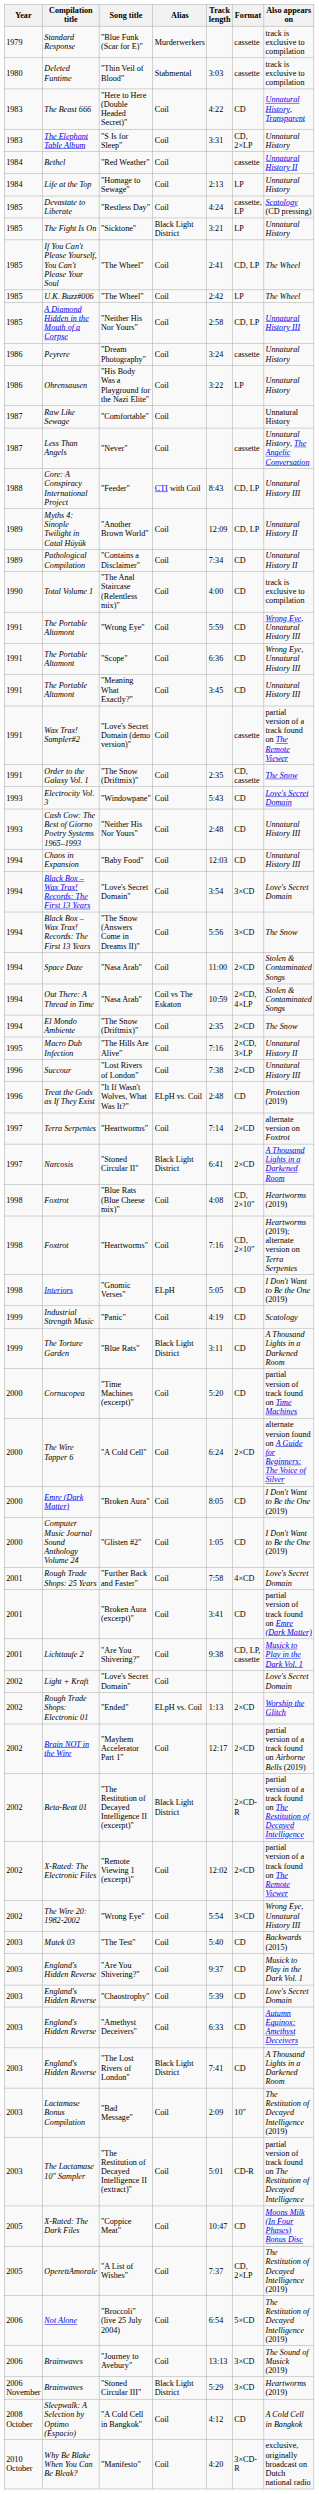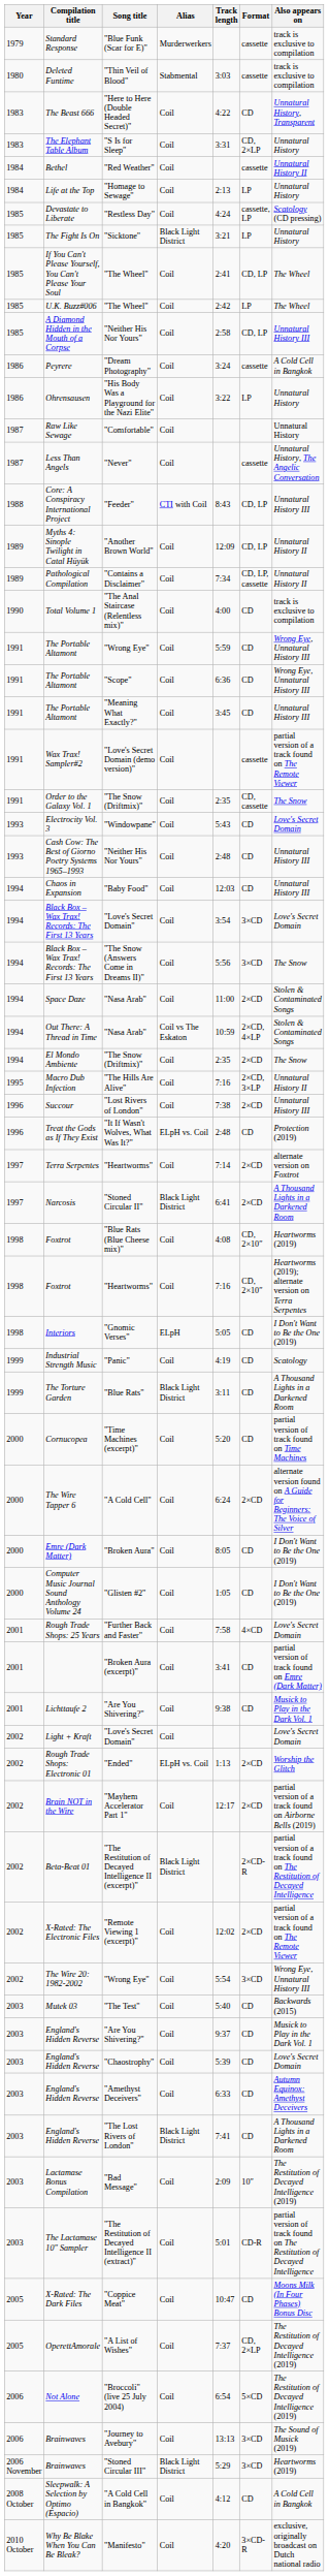 <table class="wikitable">
 <tr>
 <th>Year</th>
 <th>Compilation title</th>
 <th>Song title</th>
 <th>Alias</th>
 <th>Track length</th>
 <th>Format</th>
 <th>Also appears on</th>
 </tr>
 <tr>
 <td>1979</td>
 <td><em>Standard Response</em></td>
 <td>"Blue Funk (Scar for E)"</td>
 <td>Murderwerkers</td>
 <td></td>
 <td>cassette</td>
 <td>track is exclusive to compilation</td>
 </tr>
 <tr>
 <td>1980</td>
 <td><em>Deleted Funtime</em></td>
 <td>"Thin Veil of Blood"</td>
 <td>Stabmental</td>
 <td>3:03</td>
 <td>cassette</td>
 <td>track is exclusive to compilation</td>
 </tr>
 <tr>
 <td>1983</td>
 <td><em>The Beast 666</em></td>
 <td>"Here to Here (Double Headed Secret)"</td>
 <td>Coil</td>
 <td>4:22</td>
 <td>CD</td>
 <td><em><a href='#'>Unnatural History</a></em>, <em><a href='#'>Transparent</a></em></td>
 </tr>
 <tr>
 <td>1983</td>
 <td><em><a href='#'>The Elephant Table Album</a></em></td>
 <td>"S Is for Sleep"</td>
 <td>Coil</td>
 <td>3:31</td>
 <td>CD, 2×LP</td>
 <td><em>Unnatural History</em></td>
 </tr>
 <tr>
 <td>1984</td>
 <td><em>Bethel</em></td>
 <td>"Red Weather"</td>
 <td>Coil</td>
 <td></td>
 <td>cassette</td>
 <td><em><a href='#'>Unnatural History II</a></em></td>
 </tr>
 <tr>
 <td>1984</td>
 <td><em>Life at the Top</em></td>
 <td>"Homage to Sewage"</td>
 <td>Coil</td>
 <td>2:13</td>
 <td>LP</td>
 <td><em>Unnatural History</em></td>
 </tr>
 <tr>
 <td>1985</td>
 <td><em>Devastate to Liberate</em></td>
 <td>"Restless Day"</td>
 <td>Coil</td>
 <td>4:24</td>
 <td>cassette, LP</td>
 <td><em><a href='#'>Scatology</a></em> (CD pressing)</td>
 </tr>
 <tr>
 <td>1985</td>
 <td><em>The Fight Is On</em></td>
 <td>"Sicktone"</td>
 <td>Black Light District</td>
 <td>3:21</td>
 <td>LP</td>
 <td><em>Unnatural History</em></td>
 </tr>
 <tr>
 <td>1985</td>
 <td><em>If You Can't Please Yourself, You Can't Please Your Soul</em></td>
 <td>"The Wheel"</td>
 <td>Coil</td>
 <td>2:41</td>
 <td>CD, LP</td>
 <td><em>The Wheel</em></td>
 </tr>
 <tr>
 <td>1985</td>
 <td><em>U.K. Buzz#006</em></td>
 <td>"The Wheel"</td>
 <td>Coil</td>
 <td>2:42</td>
 <td>LP</td>
 <td><em>The Wheel</em></td>
 </tr>
 <tr>
 <td>1985</td>
 <td><em><a href='#'>A Diamond Hidden in the Mouth of a Corpse</a></em></td>
 <td>"Neither His Nor Yours"</td>
 <td>Coil</td>
 <td>2:58</td>
 <td>CD, LP</td>
 <td><em><a href='#'>Unnatural History III</a></em></td>
 </tr>
 <tr>
 <td>1986</td>
 <td><em>Peyrere</em></td>
 <td>"Dream Photography"</td>
 <td>Coil</td>
 <td>3:24</td>
 <td>cassette</td>
-<td><em>Unnatural History</em></td>
+<td><em>A Cold Cell in Bangkok</em></td>
 </tr>
 <tr>
 <td>1986</td>
 <td><em>Ohrensausen</em></td>
 <td>"His Body Was a Playground for the Nazi Elite"</td>
 <td>Coil</td>
 <td>3:22</td>
 <td>LP</td>
 <td><em>Unnatural History</em></td>
 </tr>
 <tr>
 <td>1987</td>
 <td><em>Raw Like Sewage</em></td>
 <td>"Comfortable"</td>
 <td>Coil</td>
 <td></td>
 <td></td>
 <td>Unnatural History</td>
 </tr>
 <tr>
 <td>1987</td>
 <td><em>Less Than Angels</em></td>
 <td>"Never"</td>
 <td>Coil</td>
 <td></td>
 <td>cassette</td>
 <td><em>Unnatural History</em>, <em><a href='#'>The Angelic Conversation</a></em></td>
 </tr>
 <tr>
 <td>1988</td>
 <td><em>Core: A Conspiracy International Project</em></td>
 <td>"Feeder"</td>
 <td><a href='#'>CTI</a> with Coil</td>
 <td>8:43</td>
 <td>CD, LP</td>
 <td><em>Unnatural History III</em></td>
 </tr>
 <tr>
 <td>1989</td>
 <td><em>Myths 4: Sinople Twilight in Catal Hüyük</em></td>
 <td>"Another Brown World"</td>
 <td>Coil</td>
 <td>12:09</td>
 <td>CD, LP</td>
 <td><em>Unnatural History II</em></td>
 </tr>
 <tr>
 <td>1989</td>
 <td><em>Pathological Compilation</em></td>
 <td>"Contains a Disclaimer"</td>
 <td>Coil</td>
 <td>7:34</td>
-<td>CD</td>
+<td>CD, LP, cassette</td>
 <td><em>Unnatural History II</em></td>
 </tr>
 <tr>
 <td>1990</td>
 <td><em>Total Volume 1</em></td>
 <td>"The Anal Staircase (Relentless mix)"</td>
 <td>Coil</td>
 <td>4:00</td>
 <td>CD</td>
 <td>track is exclusive to compilation</td>
 </tr>
 <tr>
 <td>1991</td>
 <td><em>The Portable Altamont</em></td>
 <td>"Wrong Eye"</td>
 <td>Coil</td>
 <td>5:59</td>
 <td>CD</td>
 <td><em><a href='#'>Wrong Eye</a></em>, <em>Unnatural History III</em></td>
 </tr>
 <tr>
 <td>1991</td>
 <td><em>The Portable Altamont</em></td>
 <td>"Scope"</td>
 <td>Coil</td>
 <td>6:36</td>
 <td>CD</td>
 <td><em>Wrong Eye</em>, <em>Unnatural History III</em></td>
 </tr>
 <tr>
 <td>1991</td>
 <td><em>The Portable Altamont</em></td>
 <td>"Meaning What Exactly?"</td>
 <td>Coil</td>
 <td>3:45</td>
 <td>CD</td>
 <td><em>Unnatural History III</em></td>
 </tr>
 <tr>
 <td>1991</td>
 <td><em>Wax Trax! Sampler#2</em></td>
 <td>"Love's Secret Domain (demo version)"</td>
 <td>Coil</td>
 <td></td>
 <td>cassette</td>
 <td>partial version of a track found on <em><a href='#'>The Remote Viewer</a></em></td>
 </tr>
 <tr>
 <td>1991</td>
 <td><em>Order to the Galaxy Vol. 1</em></td>
 <td>"The Snow (Driftmix)"</td>
 <td>Coil</td>
 <td>2:35</td>
 <td>CD, cassette</td>
 <td><em><a href='#'>The Snow</a></em></td>
 </tr>
 <tr>
 <td>1993</td>
 <td><em>Electrocity Vol. 3</em></td>
 <td>"Windowpane"</td>
 <td>Coil</td>
 <td>5:43</td>
 <td>CD</td>
 <td><em><a href='#'>Love's Secret Domain</a></em></td>
 </tr>
 <tr>
 <td>1993</td>
 <td><em>Cash Cow: The Best of Giorno Poetry Systems 1965–1993</em></td>
 <td>"Neither His Nor Yours"</td>
 <td>Coil</td>
 <td>2:48</td>
 <td>CD</td>
 <td><em>Unnatural History III</em></td>
 </tr>
 <tr>
 <td>1994</td>
 <td><em>Chaos in Expansion</em></td>
 <td>"Baby Food"</td>
 <td>Coil</td>
 <td>12:03</td>
 <td>CD</td>
 <td><em>Unnatural History III</em></td>
 </tr>
 <tr>
 <td>1994</td>
 <td><em><a href='#'>Black Box – Wax Trax! Records: The First 13 Years</a></em></td>
 <td>"Love's Secret Domain"</td>
 <td>Coil</td>
 <td>3:54</td>
 <td>3×CD</td>
 <td><em>Love's Secret Domain</em></td>
 </tr>
 <tr>
 <td>1994</td>
 <td><em>Black Box – Wax Trax! Records: The First 13 Years</em></td>
 <td>"The Snow (Answers Come in Dreams II)"</td>
 <td>Coil</td>
 <td>5:56</td>
 <td>3×CD</td>
 <td><em>The Snow</em></td>
 </tr>
 <tr>
 <td>1994</td>
 <td><em>Space Daze</em></td>
 <td>"Nasa Arab"</td>
 <td>Coil</td>
 <td>11:00</td>
 <td>2×CD</td>
 <td><em>Stolen & Contaminated Songs</em></td>
 </tr>
 <tr>
 <td>1994</td>
 <td><em>Out There: A Thread in Time</em></td>
 <td>"Nasa Arab"</td>
 <td>Coil vs The Eskaton</td>
 <td>10:59</td>
 <td>2×CD, 4×LP</td>
 <td><em>Stolen & Contaminated Songs</em></td>
 </tr>
 <tr>
 <td>1994</td>
 <td><em>El Mondo Ambiente</em></td>
 <td>"The Snow (Driftmix)"</td>
 <td>Coil</td>
 <td>2:35</td>
 <td>2×CD</td>
 <td><em>The Snow</em></td>
 </tr>
 <tr>
 <td>1995</td>
 <td><em>Macro Dub Infection</em></td>
 <td>"The Hills Are Alive"</td>
 <td>Coil</td>
 <td>7:16</td>
 <td>2×CD, 3×LP</td>
 <td><em>Unnatural History II</em></td>
 </tr>
 <tr>
 <td>1996</td>
 <td><em>Succour</em></td>
 <td>"Lost Rivers of London"</td>
 <td>Coil</td>
 <td>7:38</td>
 <td>2×CD</td>
 <td><em>Unnatural History III</em></td>
 </tr>
 <tr>
 <td>1996</td>
 <td><em>Treat the Gods as If They Exist</em></td>
 <td>"It If Wasn't Wolves, What Was It?"</td>
 <td>ELpH vs. Coil</td>
 <td>2:48</td>
 <td>CD</td>
 <td><em>Protection</em> (2019)</td>
 </tr>
 <tr>
 <td>1997</td>
 <td><em>Terra Serpentes</em></td>
 <td>"Heartworms"</td>
 <td>Coil</td>
 <td>7:14</td>
 <td>2×CD</td>
 <td>alternate version on <em>Foxtrot</em></td>
 </tr>
 <tr>
 <td>1997</td>
 <td><em>Narcosis</em></td>
 <td>"Stoned Circular II"</td>
 <td>Black Light District</td>
 <td>6:41</td>
 <td>2×CD</td>
 <td><em><a href='#'>A Thousand Lights in a Darkened Room</a></em></td>
 </tr>
 <tr>
 <td>1998</td>
 <td><em>Foxtrot</em></td>
 <td>"Blue Rats (Blue Cheese mix)"</td>
 <td>Coil</td>
 <td>4:08</td>
 <td>CD, 2×10″</td>
 <td><em>Heartworms</em> (2019)</td>
 </tr>
 <tr>
 <td>1998</td>
 <td><em>Foxtrot</em></td>
 <td>"Heartworms"</td>
 <td>Coil</td>
 <td>7:16</td>
 <td>CD, 2×10″</td>
 <td><em>Heartworms</em> (2019); alternate version on <em>Terra Serpentes</em></td>
 </tr>
 <tr>
 <td>1998</td>
 <td><em><a href='#'>Interiors</a></em></td>
 <td>"Gnomic Verses"</td>
 <td>ELpH</td>
 <td>5:05</td>
 <td>CD</td>
 <td><em>I Don't Want to Be the One</em> (2019)</td>
 </tr>
 <tr>
 <td>1999</td>
 <td><em>Industrial Strength Music</em></td>
 <td>"Panic"</td>
 <td>Coil</td>
 <td>4:19</td>
 <td>CD</td>
 <td><em>Scatology</em></td>
 </tr>
 <tr>
 <td>1999</td>
 <td><em>The Torture Garden</em></td>
 <td>"Blue Rats"</td>
 <td>Black Light District</td>
 <td>3:11</td>
 <td>CD</td>
 <td><em>A Thousand Lights in a Darkened Room</em></td>
 </tr>
 <tr>
 <td>2000</td>
 <td><em>Cornucopea</em></td>
 <td>"Time Machines (excerpt)"</td>
 <td>Coil</td>
 <td>5:20</td>
 <td>CD</td>
 <td>partial version of track found on <em><a href='#'>Time Machines</a></em></td>
 </tr>
 <tr>
 <td>2000</td>
 <td><em>The Wire Tapper 6</em></td>
 <td>"A Cold Cell"</td>
 <td>Coil</td>
 <td>6:24</td>
 <td>2×CD</td>
 <td>alternate version found on <em><a href='#'>A Guide for Beginners: The Voice of Silver</a></em></td>
 </tr>
 <tr>
 <td>2000</td>
 <td><em><a href='#'>Emre (Dark Matter)</a></em></td>
 <td>"Broken Aura"</td>
 <td>Coil</td>
 <td>8:05</td>
 <td>CD</td>
 <td><em>I Don't Want to Be the One</em> (2019)</td>
 </tr>
 <tr>
 <td>2000</td>
 <td><em>Computer Music Journal Sound Anthology Volume 24</em></td>
 <td>"Glisten #2"</td>
 <td>Coil</td>
 <td>1:05</td>
 <td>CD</td>
 <td><em>I Don't Want to Be the One</em> (2019)</td>
 </tr>
 <tr>
 <td>2001</td>
 <td><em>Rough Trade Shops: 25 Years</em></td>
 <td>"Further Back and Faster"</td>
 <td>Coil</td>
 <td>7:58</td>
 <td>4×CD</td>
 <td><em>Love's Secret Domain</em></td>
 </tr>
 <tr>
 <td>2001</td>
 <td></td>
 <td>"Broken Aura (excerpt)"</td>
 <td>Coil</td>
 <td>3:41</td>
 <td>CD</td>
 <td>partial version of track found on <em><a href='#'>Emre (Dark Matter)</a></em></td>
 </tr>
 <tr>
 <td>2001</td>
 <td><em>Lichttaufe 2</em></td>
 <td>"Are You Shivering?"</td>
 <td>Coil</td>
 <td>9:38</td>
-<td>CD, LP, cassette</td>
+<td>CD</td>
 <td><em><a href='#'>Musick to Play in the Dark Vol. 1</a></em></td>
 </tr>
 <tr>
 <td>2002</td>
 <td><em>Light + Kraft</em></td>
 <td>"Love's Secret Domain"</td>
 <td>Coil</td>
 <td></td>
 <td></td>
 <td><em>Love's Secret Domain</em></td>
 </tr>
 <tr>
 <td>2002</td>
 <td><em>Rough Trade Shops: Electronic 01</em></td>
 <td>"Ended"</td>
 <td>ELpH vs. Coil</td>
 <td>1:13</td>
 <td>2×CD</td>
 <td><em><a href='#'>Worship the Glitch</a></em></td>
 </tr>
 <tr>
 <td>2002</td>
 <td><em><a href='#'>Brain NOT in the Wire</a></em></td>
 <td>"Mayhem Accelerator Part 1"</td>
 <td>Coil</td>
 <td>12:17</td>
 <td>2×CD</td>
 <td>partial version of a track found on <em>Airborne Bells</em> (2019)</td>
 </tr>
 <tr>
 <td>2002</td>
 <td><em>Beta-Beat 01</em></td>
 <td>"The Restitution of Decayed Intelligence II (excerpt)"</td>
 <td>Black Light District</td>
 <td></td>
 <td>2×CD-R</td>
 <td>partial version of a track found on <em><a href='#'>The Restitution of Decayed Intelligence</a></em></td>
 </tr>
 <tr>
 <td>2002</td>
 <td><em>X-Rated: The Electronic Files</em></td>
 <td>"Remote Viewing 1 (excerpt)"</td>
 <td>Coil</td>
 <td>12:02</td>
 <td>2×CD</td>
 <td>partial version of a track found on <em><a href='#'>The Remote Viewer</a></em></td>
 </tr>
 <tr>
 <td>2002</td>
 <td><em>The Wire 20: 1982-2002</em></td>
 <td>"Wrong Eye"</td>
 <td>Coil</td>
 <td>5:54</td>
 <td>3×CD</td>
 <td><em>Wrong Eye</em>, <em>Unnatural History III</em></td>
 </tr>
 <tr>
 <td>2003</td>
 <td><em>Mutek 03</em></td>
 <td>"The Test"</td>
 <td>Coil</td>
 <td>5:40</td>
 <td>CD</td>
 <td><em>Backwards</em> (2015)</td>
 </tr>
 <tr>
 <td>2003</td>
 <td><em>England's Hidden Reverse</em></td>
 <td>"Are You Shivering?"</td>
 <td>Coil</td>
 <td>9:37</td>
 <td>CD</td>
 <td><em>Musick to Play in the Dark Vol. 1</em></td>
 </tr>
 <tr>
 <td>2003</td>
 <td><em>England's Hidden Reverse</em></td>
 <td>"Chaostrophy"</td>
 <td>Coil</td>
 <td>5:39</td>
 <td>CD</td>
 <td><em>Love's Secret Domain</em></td>
 </tr>
 <tr>
 <td>2003</td>
 <td><em>England's Hidden Reverse</em></td>
 <td>"Amethyst Deceivers"</td>
 <td>Coil</td>
 <td>6:33</td>
 <td>CD</td>
 <td><em><a href='#'>Autumn Equinox: Amethyst Deceivers</a></em></td>
 </tr>
 <tr>
 <td>2003</td>
 <td><em>England's Hidden Reverse</em></td>
 <td>"The Lost Rivers of London"</td>
 <td>Black Light District</td>
 <td>7:41</td>
 <td>CD</td>
 <td><em>A Thousand Lights in a Darkened Room</em></td>
 </tr>
 <tr>
 <td>2003</td>
 <td><em>Lactamase Bonus Compilation</em></td>
 <td>"Bad Message"</td>
 <td>Coil</td>
 <td>2:09</td>
 <td>10″</td>
 <td><em>The Restitution of Decayed Intelligence</em> (2019)</td>
 </tr>
 <tr>
 <td>2003</td>
 <td><em>The Lactamase 10″ Sampler</em></td>
 <td>"The Restitution of Decayed Intelligence II (extract)"</td>
 <td>Coil</td>
 <td>5:01</td>
 <td>CD-R</td>
 <td>partial version of track found on <em>The Restitution of Decayed Intelligence</em></td>
 </tr>
 <tr>
 <td>2005</td>
 <td><em>X-Rated: The Dark Files</em></td>
 <td>"Coppice Meat"</td>
 <td>Coil</td>
 <td>10:47</td>
 <td>CD</td>
 <td><em><a href='#'>Moons Milk (In Four Phases) Bonus Disc</a></em></td>
 </tr>
 <tr>
 <td>2005</td>
 <td><em>OperettAmorale</em></td>
 <td>"A List of Wishes"</td>
 <td>Coil</td>
 <td>7:37</td>
 <td>CD, 2×LP</td>
 <td><em>The Restitution of Decayed Intelligence</em> (2019)</td>
 </tr>
 <tr>
 <td>2006</td>
 <td><em><a href='#'>Not Alone</a></em></td>
 <td>"Broccoli" (live 25 July 2004)</td>
 <td>Coil</td>
 <td>6:54</td>
 <td>5×CD</td>
 <td><em>The Restitution of Decayed Intelligence</em> (2019)</td>
 </tr>
 <tr>
 <td>2006</td>
 <td><em>Brainwaves</em></td>
 <td>"Journey to Avebury"</td>
 <td>Coil</td>
 <td>13:13</td>
 <td>3×CD</td>
 <td><em>The Sound of Musick</em> (2019)</td>
 </tr>
 <tr>
 <td>2006 November</td>
 <td><em>Brainwaves</em></td>
 <td>"Stoned Circular III"</td>
 <td>Black Light District</td>
 <td>5:29</td>
 <td>3×CD</td>
 <td><em>Heartworms</em> (2019)</td>
 </tr>
 <tr>
 <td>2008 October</td>
 <td><em>Sleepwalk: A Selection by Optimo (Espacio)</em></td>
 <td>"A Cold Cell in Bangkok"</td>
 <td>Coil</td>
 <td>4:12</td>
 <td>CD</td>
 <td><em>A Cold Cell in Bangkok</em></td>
 </tr>
 <tr>
 <td>2010 October</td>
 <td><em>Why Be Blake When You Can Be Bleak?</em></td>
 <td>"Manifesto"</td>
 <td>Coil</td>
 <td>4:20</td>
 <td>3×CD-R</td>
 <td>exclusive, originally broadcast on Dutch national radio</td>
 </tr>
 </table>
